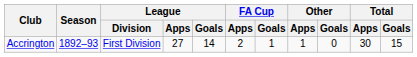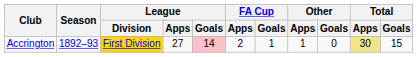 <table class="wikitable" style="text-align:center">
 <tr>
 <th rowspan="2">Club</th>
 <th rowspan="2">Season</th>
 <th colspan="3">League</th>
 <th colspan="2"><a href='#'>FA Cup</a></th>
 <th colspan="2">Other</th>
 <th colspan="2">Total</th>
 </tr>
 <tr>
 <th>Division</th>
 <th>Apps</th>
 <th>Goals</th>
 <th>Apps</th>
 <th>Goals</th>
 <th>Apps</th>
 <th>Goals</th>
 <th>Apps</th>
 <th>Goals</th>
 </tr>
 <tr>
 <td><a href='#'>Accrington</a></td>
 <td><a href='#'>1892–93</a></td>
-<td><a href='#'>First Division</a></td>
+<td style="background: gold;"><a href='#'>First Division</a></td>
 <td>27</td>
-<td>14</td>
+<td style="background: pink;">14</td>
 <td>2</td>
 <td>1</td>
 <td>1</td>
 <td>0</td>
-<td>30</td>
+<td style="background: khaki;">30</td>
 <td>15</td>
 </tr>
 </table>
